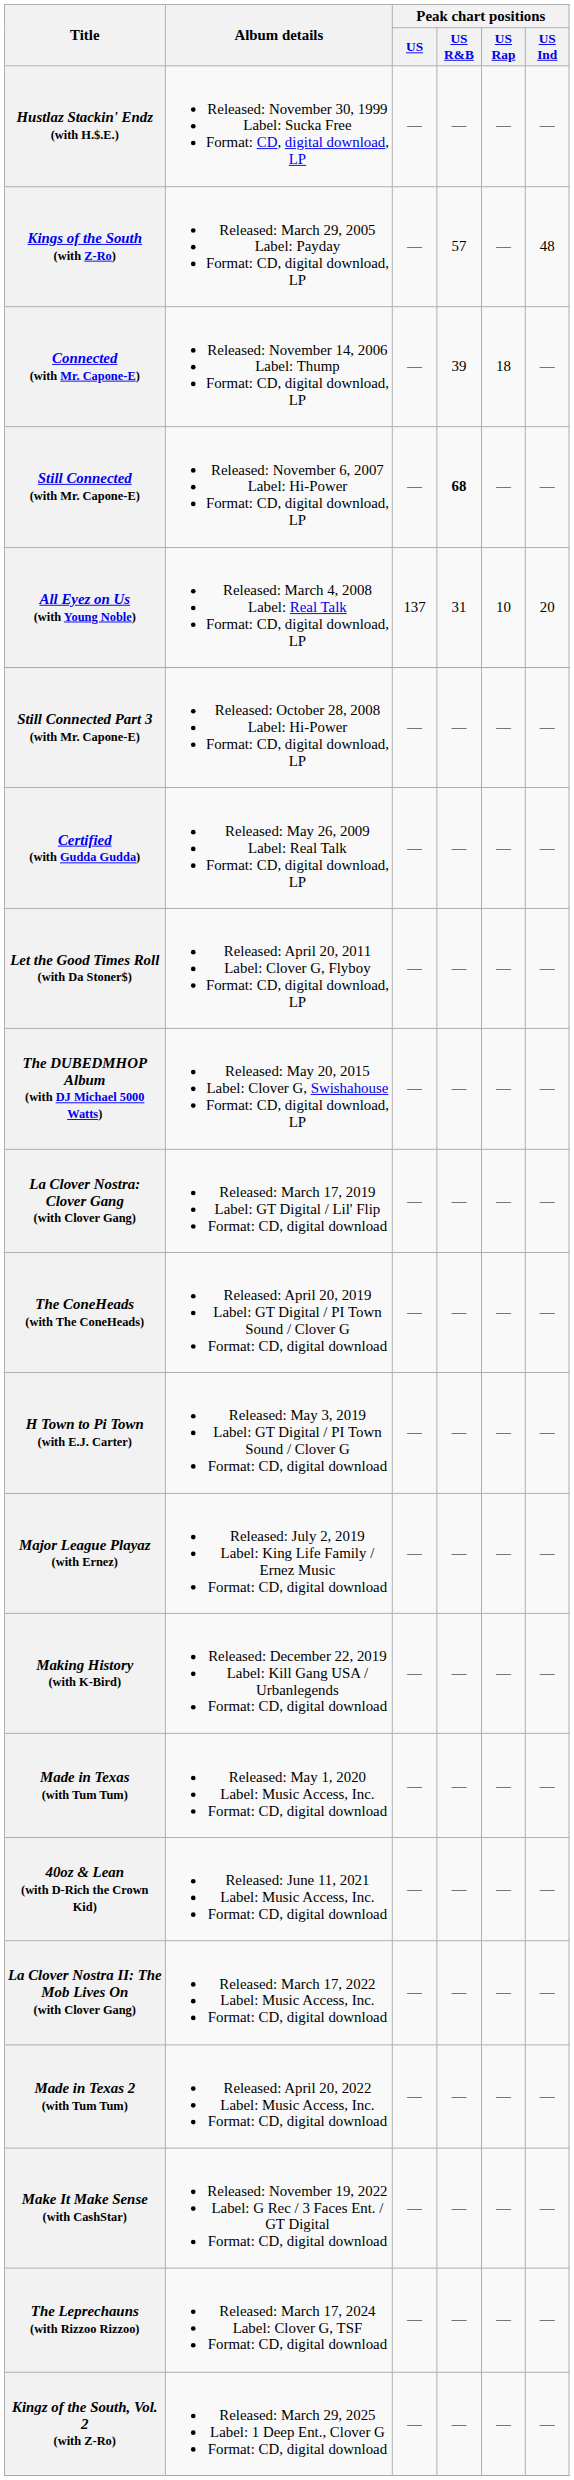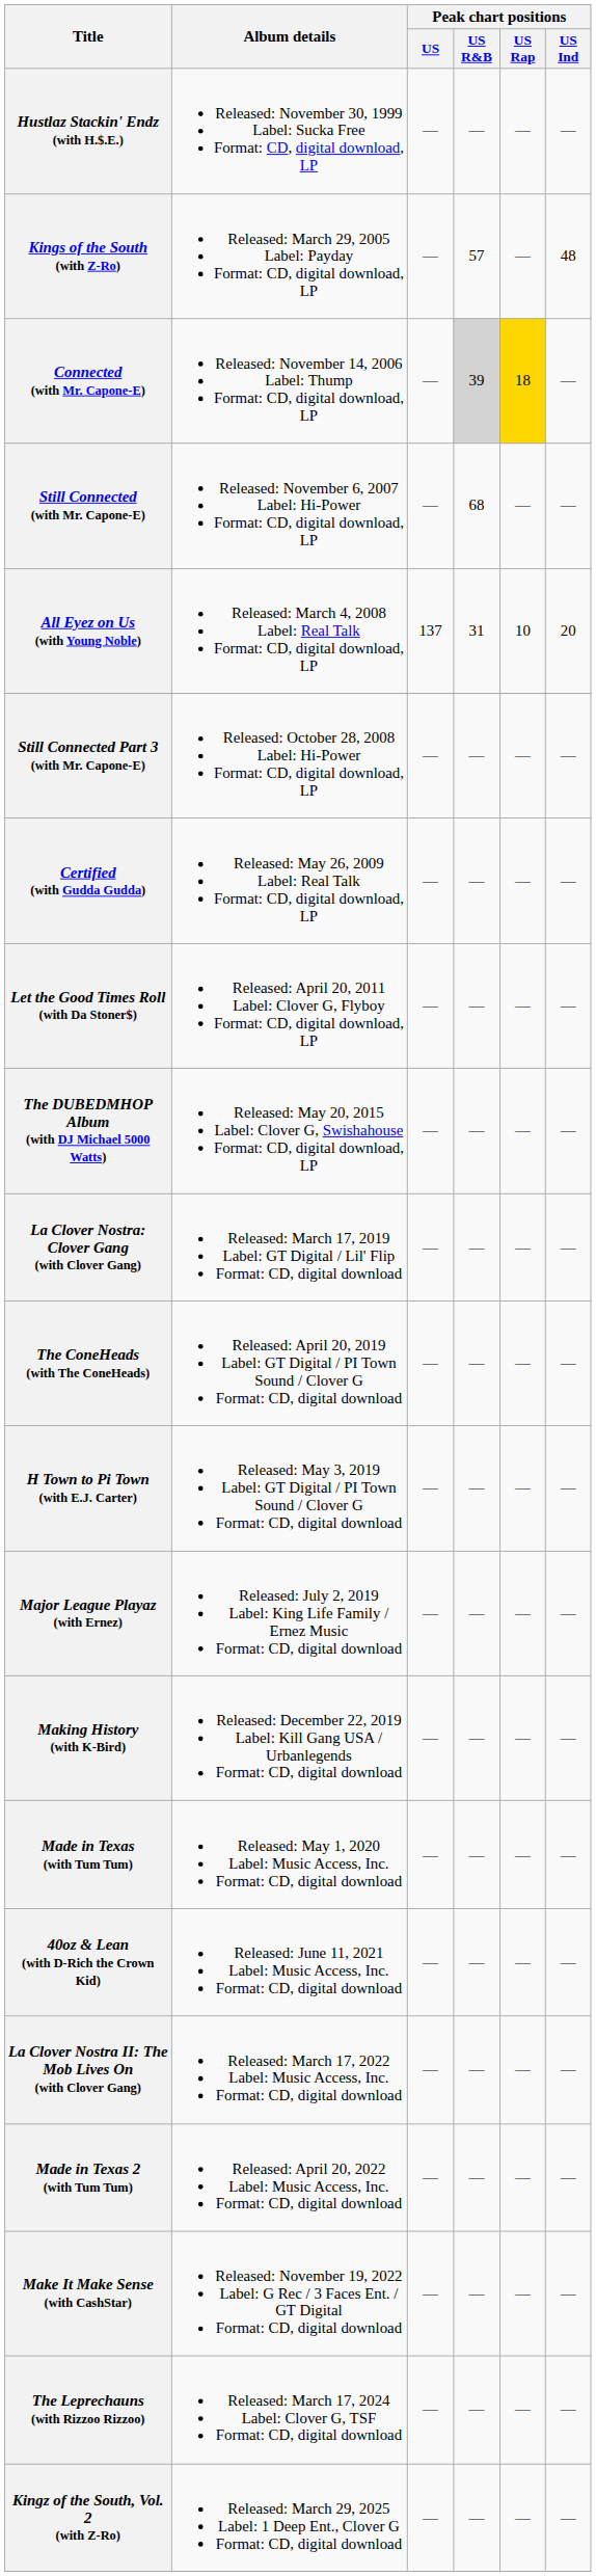 <table class="wikitable plainrowheaders" style="text-align:center;">
 <tr>
 <th scope="col" rowspan="2" style="width:11em;">Title</th>
 <th scope="col" rowspan="2" style="width:16em;">Album details</th>
 <th scope="col" colspan="4">Peak chart positions</th>
 </tr>
 <tr>
 <th style="width:3em;font-size:90%;"><a href='#'>US</a><br></th>
 <th style="width:3em;font-size:90%;"><a href='#'>US R&B</a></th>
 <th style="width:3em;font-size:90%;"><a href='#'>US Rap</a></th>
 <th style="width:3em;font-size:90%;"><a href='#'>US Ind</a></th>
 </tr>
 <tr>
 <th scope="row"><em>Hustlaz Stackin' Endz</em> <br><small>(with H.$.E.)</small></th>
 <td><br><ul><li>Released: November 30, 1999</li><li>Label: Sucka Free</li><li>Format: <a href='#'>CD</a>, <a href='#'>digital download</a>, <a href='#'>LP</a></li></ul></td>
 <td>—</td>
 <td>—</td>
 <td>—</td>
 <td>—</td>
 </tr>
 <tr>
 <th scope="row"><em><a href='#'>Kings of the South</a></em><br><small>(with <a href='#'>Z-Ro</a>)</small></th>
 <td><br><ul><li>Released: March 29, 2005</li><li>Label: Payday</li><li>Format: CD, digital download, LP</li></ul></td>
 <td>—</td>
 <td>57</td>
 <td>—</td>
 <td>48</td>
 </tr>
 <tr>
 <th scope="row"><em><a href='#'>Connected</a></em><br><small>(with <a href='#'>Mr. Capone-E</a>)</small></th>
 <td><br><ul><li>Released: November 14, 2006</li><li>Label: Thump</li><li>Format: CD, digital download, LP</li></ul></td>
 <td>—</td>
-<td>39</td>
-<td>18</td>
+<td style="background: lightgrey;">39</td>
+<td style="background: gold;">18</td>
 <td>—</td>
 </tr>
 <tr>
 <th scope="row"><em><a href='#'>Still Connected</a></em><br><small>(with Mr. Capone-E)</small></th>
 <td><br><ul><li>Released: November 6, 2007</li><li>Label: Hi-Power</li><li>Format: CD, digital download, LP</li></ul></td>
 <td>—</td>
-<td><strong>68</strong></td>
+<td>68</td>
 <td>—</td>
 <td>—</td>
 </tr>
 <tr>
 <th scope="row"><em><a href='#'>All Eyez on Us</a></em><br><small>(with <a href='#'>Young Noble</a>)</small></th>
 <td><br><ul><li>Released: March 4, 2008</li><li>Label: <a href='#'>Real Talk</a></li><li>Format: CD, digital download, LP</li></ul></td>
 <td>137</td>
 <td>31</td>
 <td>10</td>
 <td>20</td>
 </tr>
 <tr>
 </tr>
 <tr>
 <th scope="row"><em>Still Connected Part 3</em> <br><small>(with Mr. Capone-E)</small></th>
 <td><br><ul><li>Released: October 28, 2008</li><li>Label: Hi-Power</li><li>Format: CD, digital download, LP</li></ul></td>
 <td>—</td>
 <td>—</td>
 <td>—</td>
 <td>—</td>
 </tr>
 <tr>
 <th scope="row"><em><a href='#'>Certified</a></em><br><small>(with <a href='#'>Gudda Gudda</a>)</small></th>
 <td><br><ul><li>Released: May 26, 2009</li><li>Label: Real Talk</li><li>Format: CD, digital download, LP</li></ul></td>
 <td>—</td>
 <td>—</td>
 <td>—</td>
 <td>—</td>
 </tr>
 <tr>
 <th scope="row"><em>Let the Good Times Roll</em> <br><small>(with Da Stoner$)</small></th>
 <td><br><ul><li>Released: April 20, 2011</li><li>Label: Clover G, Flyboy</li><li>Format: CD, digital download, LP</li></ul></td>
 <td>—</td>
 <td>—</td>
 <td>—</td>
 <td>—</td>
 </tr>
 <tr>
 <th scope="row"><em>The DUBEDMHOP Album</em><br><small>(with <a href='#'>DJ Michael 5000 Watts</a>)</small></th>
 <td><br><ul><li>Released: May 20, 2015</li><li>Label: Clover G, <a href='#'>Swishahouse</a></li><li>Format: CD, digital download, LP</li></ul></td>
 <td>—</td>
 <td>—</td>
 <td>—</td>
 <td>—</td>
 </tr>
 <tr>
 <th scope="row"><em>La Clover Nostra: Clover Gang</em> <br><small>(with Clover Gang)</small></th>
 <td><br><ul><li>Released: March 17, 2019</li><li>Label: GT Digital / Lil' Flip</li><li>Format: CD, digital download</li></ul></td>
 <td>—</td>
 <td>—</td>
 <td>—</td>
 <td>—</td>
 </tr>
 <tr>
 <th scope="row"><em>The ConeHeads</em> <br><small>(with The ConeHeads)</small></th>
 <td><br><ul><li>Released: April 20, 2019</li><li>Label: GT Digital / PI Town Sound / Clover G</li><li>Format: CD, digital download</li></ul></td>
 <td>—</td>
 <td>—</td>
 <td>—</td>
 <td>—</td>
 </tr>
 <tr>
 <th scope="row"><em>H Town to Pi Town</em> <br><small>(with E.J. Carter)</small></th>
 <td><br><ul><li>Released: May 3, 2019</li><li>Label: GT Digital / PI Town Sound / Clover G</li><li>Format: CD, digital download</li></ul></td>
 <td>—</td>
 <td>—</td>
 <td>—</td>
 <td>—</td>
 </tr>
 <tr>
 <th scope="row"><em>Major League Playaz</em> <br><small>(with Ernez)</small></th>
 <td><br><ul><li>Released: July 2, 2019</li><li>Label: King Life Family / Ernez Music</li><li>Format: CD, digital download</li></ul></td>
 <td>—</td>
 <td>—</td>
 <td>—</td>
 <td>—</td>
 </tr>
 <tr>
 <th scope="row"><em>Making History</em> <br><small>(with K-Bird)</small></th>
 <td><br><ul><li>Released: December 22, 2019</li><li>Label: Kill Gang USA / Urbanlegends</li><li>Format: CD, digital download</li></ul></td>
 <td>—</td>
 <td>—</td>
 <td>—</td>
 <td>—</td>
 </tr>
 <tr>
 <th scope="row"><em>Made in Texas</em> <br><small>(with Tum Tum)</small></th>
 <td><br><ul><li>Released: May 1, 2020</li><li>Label: Music Access, Inc.</li><li>Format: CD, digital download</li></ul></td>
 <td>—</td>
 <td>—</td>
 <td>—</td>
 <td>—</td>
 </tr>
 <tr>
 <th scope="row"><em>40oz & Lean</em> <br><small>(with D-Rich the Crown Kid)</small></th>
 <td><br><ul><li>Released: June 11, 2021</li><li>Label: Music Access, Inc.</li><li>Format: CD, digital download</li></ul></td>
 <td>—</td>
 <td>—</td>
 <td>—</td>
 <td>—</td>
 </tr>
 <tr>
 <th scope="row"><em>La Clover Nostra II: The Mob Lives On</em> <br><small>(with Clover Gang)</small></th>
 <td><br><ul><li>Released: March 17, 2022</li><li>Label: Music Access, Inc.</li><li>Format: CD, digital download</li></ul></td>
 <td>—</td>
 <td>—</td>
 <td>—</td>
 <td>—</td>
 </tr>
 <tr>
 <th scope="row"><em>Made in Texas 2</em> <br><small>(with Tum Tum)</small></th>
 <td><br><ul><li>Released: April 20, 2022</li><li>Label: Music Access, Inc.</li><li>Format: CD, digital download</li></ul></td>
 <td>—</td>
 <td>—</td>
 <td>—</td>
 <td>—</td>
 </tr>
 <tr>
 <th scope="row"><em>Make It Make Sense</em> <br><small>(with CashStar)</small></th>
 <td><br><ul><li>Released: November 19, 2022</li><li>Label: G Rec / 3 Faces Ent. / GT Digital</li><li>Format: CD, digital download</li></ul></td>
 <td>—</td>
 <td>—</td>
 <td>—</td>
 <td>—</td>
 </tr>
 <tr>
 <th scope="row"><em>The Leprechauns</em> <br><small>(with Rizzoo Rizzoo)</small></th>
 <td><br><ul><li>Released: March 17, 2024</li><li>Label: Clover G, TSF</li><li>Format: CD, digital download</li></ul></td>
 <td>—</td>
 <td>—</td>
 <td>—</td>
 <td>—</td>
 </tr>
 <tr>
 <th scope="row"><em>Kingz of the South, Vol. 2</em> <br><small>(with Z-Ro)</small></th>
 <td><br><ul><li>Released: March 29, 2025</li><li>Label: 1 Deep Ent., Clover G</li><li>Format: CD, digital download</li></ul></td>
 <td>—</td>
 <td>—</td>
 <td>—</td>
 <td>—</td>
 </tr>
 <tr>
 </tr>
 </table>
